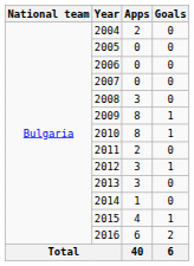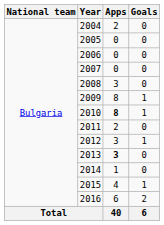 <table class="wikitable" style="text-align:center">
 <tr>
 <th>National team</th>
 <th>Year</th>
 <th>Apps</th>
 <th>Goals</th>
 </tr>
 <tr>
 <td rowspan="13"><a href='#'>Bulgaria</a></td>
 <td>2004</td>
 <td>2</td>
 <td>0</td>
 </tr>
 <tr>
 <td>2005</td>
 <td>0</td>
 <td>0</td>
 </tr>
 <tr>
 <td>2006</td>
 <td>0</td>
 <td>0</td>
 </tr>
 <tr>
 <td>2007</td>
 <td>0</td>
 <td>0</td>
 </tr>
 <tr>
 <td>2008</td>
 <td>3</td>
 <td>0</td>
 </tr>
 <tr>
 <td>2009</td>
 <td>8</td>
 <td>1</td>
 </tr>
 <tr>
 <td>2010</td>
-<td>8</td>
+<td><strong>8</strong></td>
 <td>1</td>
 </tr>
 <tr>
 <td>2011</td>
 <td>2</td>
 <td>0</td>
 </tr>
 <tr>
 <td>2012</td>
 <td>3</td>
 <td>1</td>
 </tr>
 <tr>
 <td>2013</td>
-<td>3</td>
+<td><strong>3</strong></td>
 <td>0</td>
 </tr>
 <tr>
 <td>2014</td>
 <td>1</td>
 <td>0</td>
 </tr>
 <tr>
 <td>2015</td>
 <td>4</td>
 <td>1</td>
 </tr>
 <tr>
 <td>2016</td>
 <td>6</td>
 <td>2</td>
 </tr>
 <tr>
 <th colspan="2">Total</th>
 <th>40</th>
 <th>6</th>
 </tr>
 </table>
